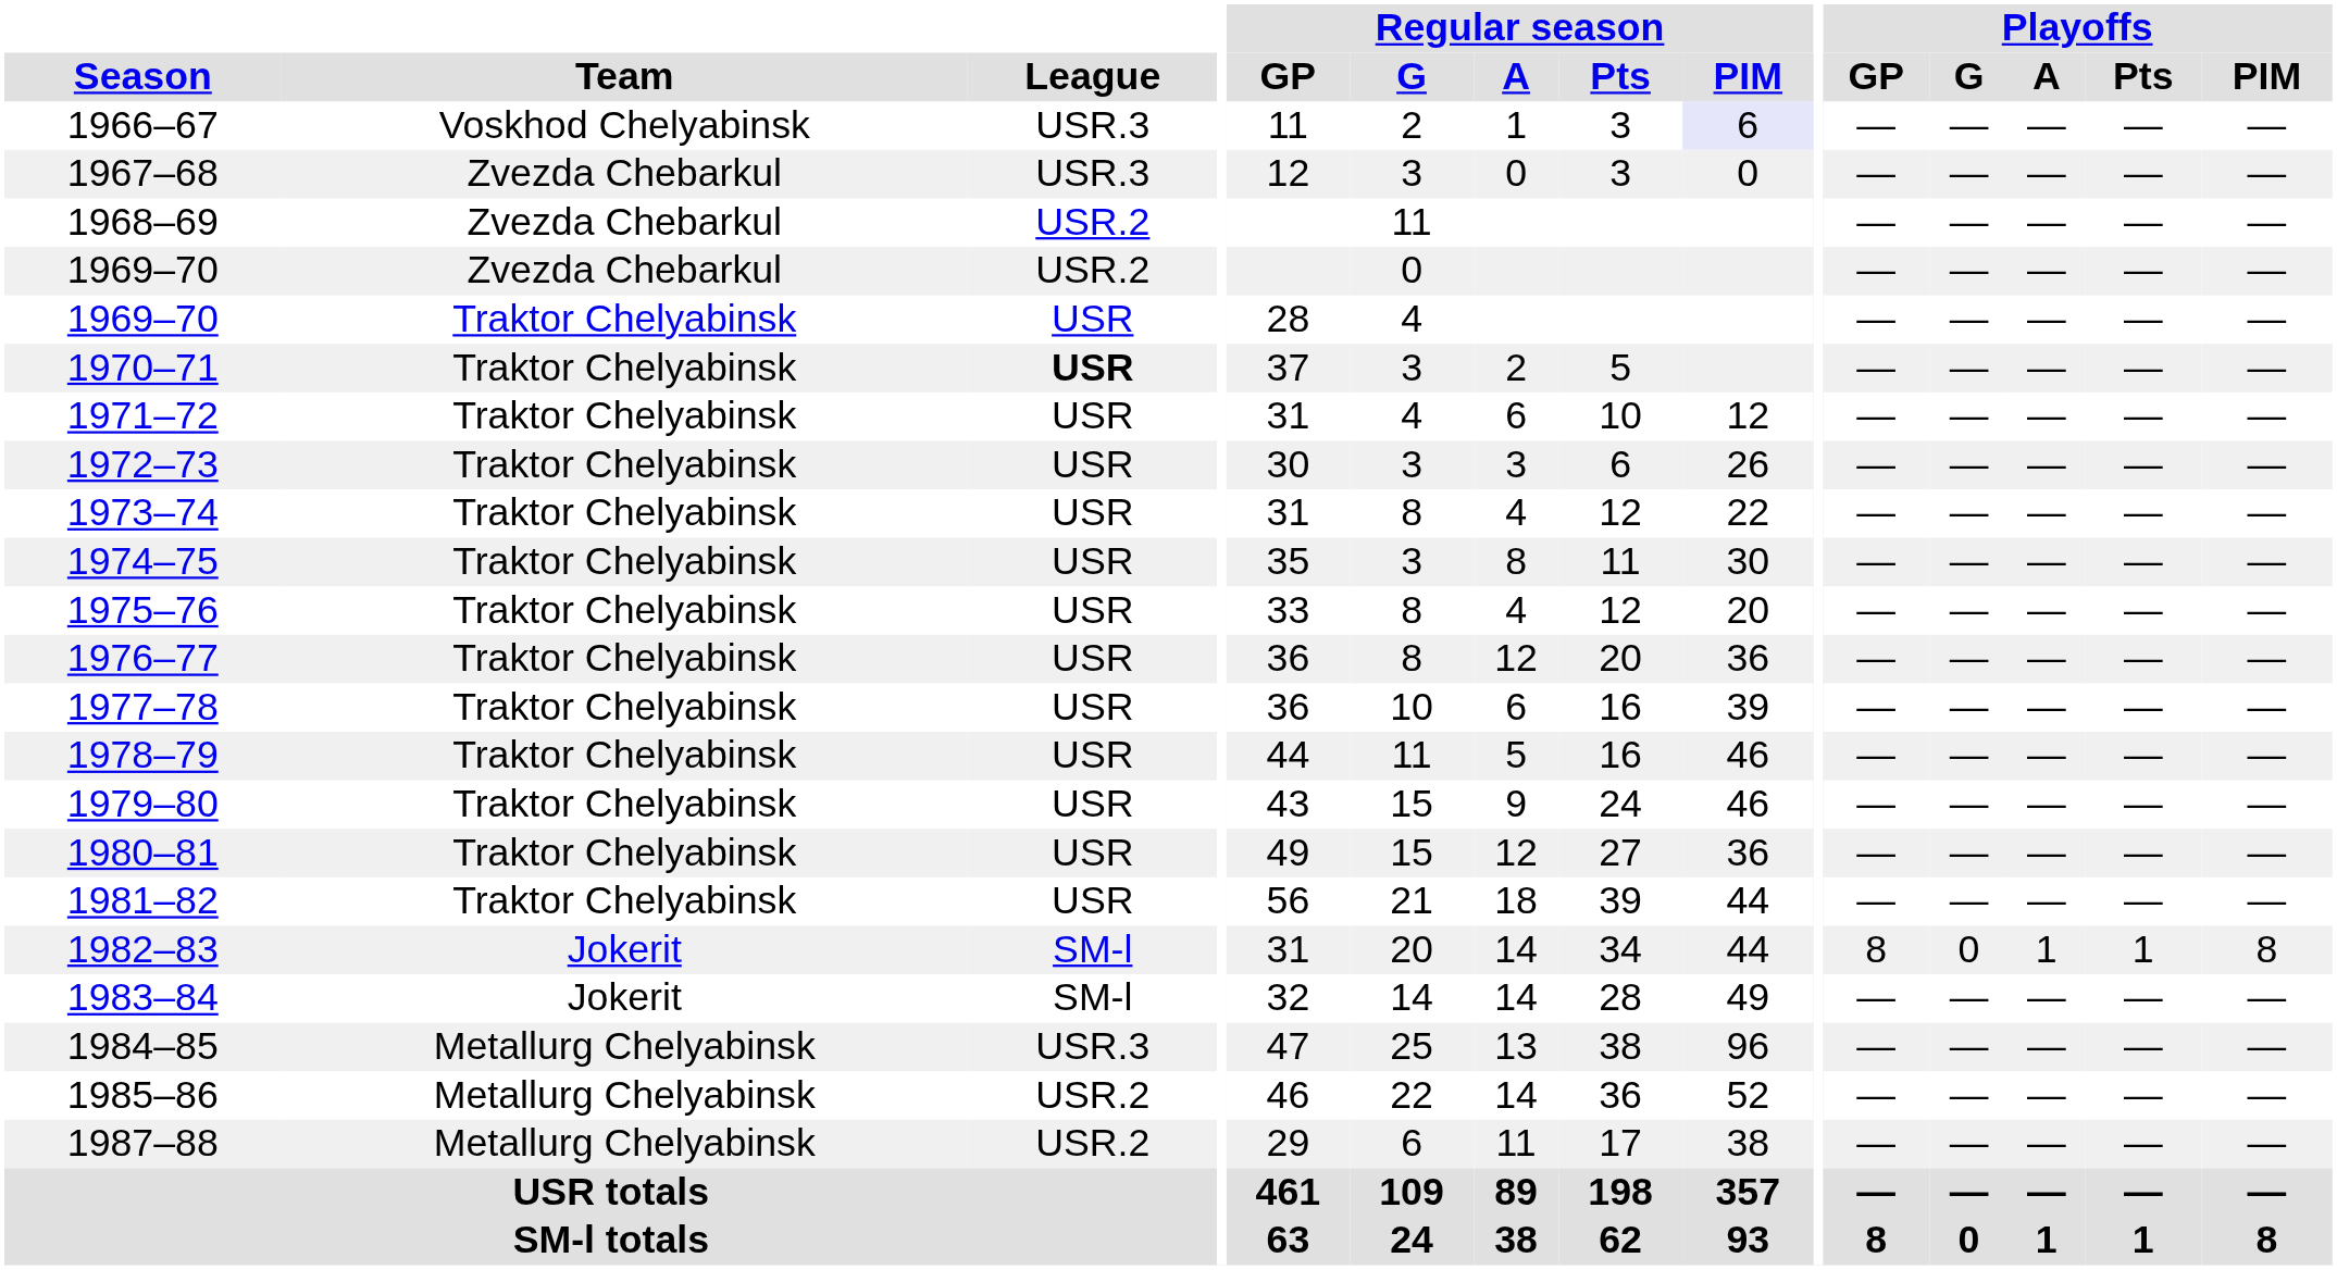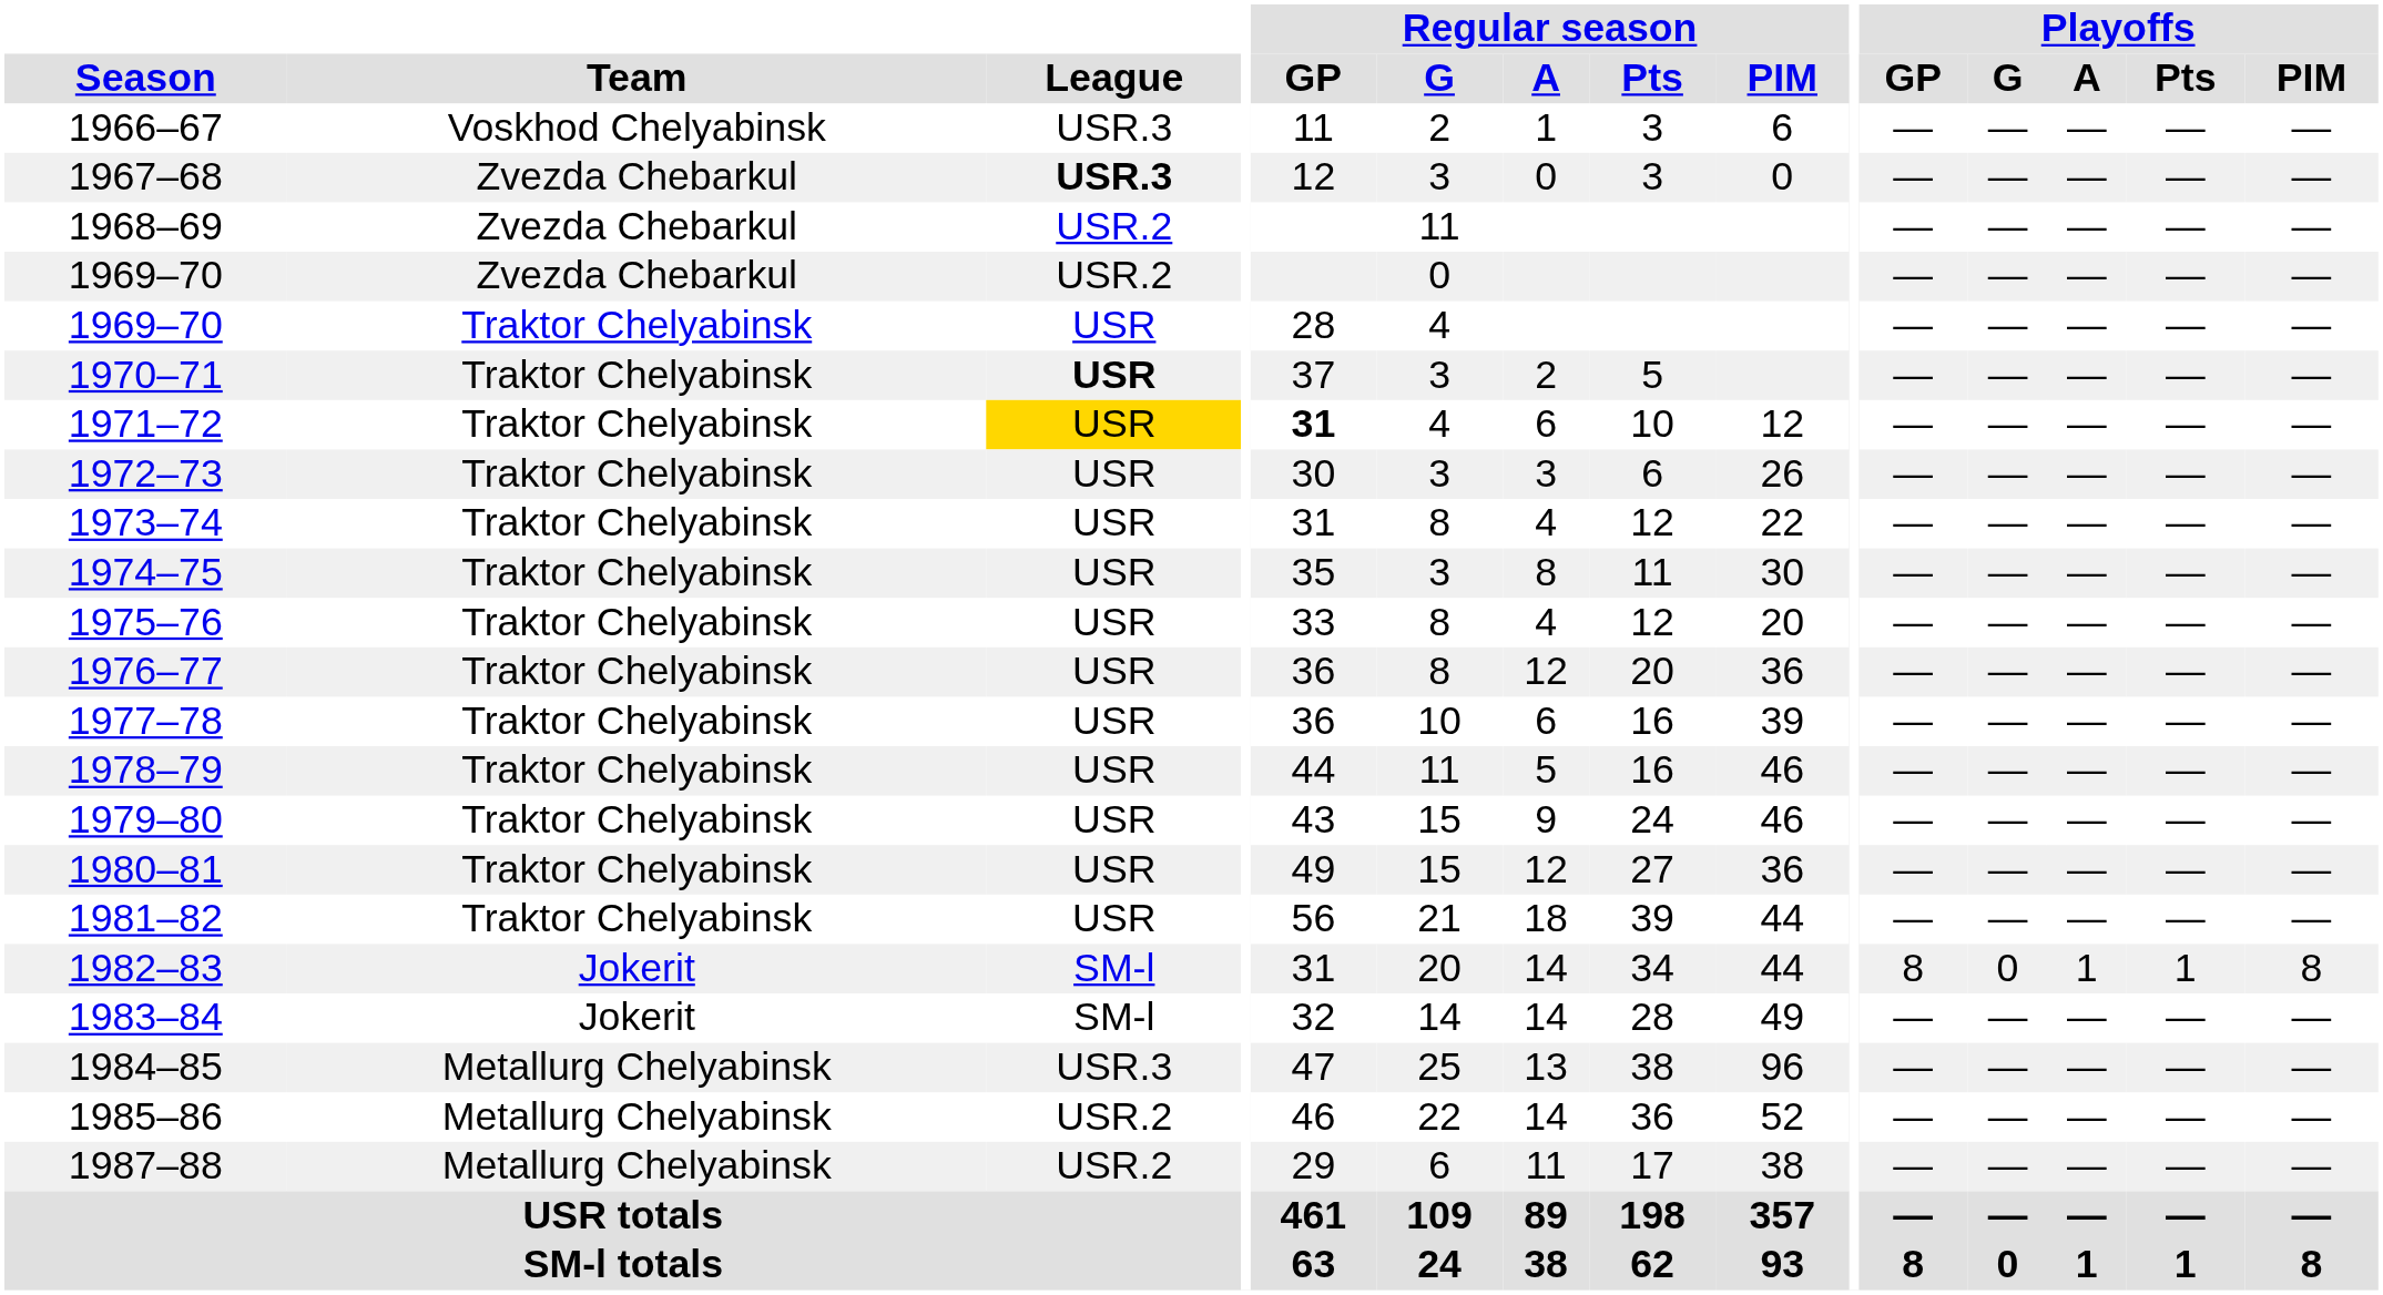 <table border="0" cellpadding="1" cellspacing="0" style="text-align:center; width:60em">
 <tr bgcolor="#e0e0e0">
 <th colspan="3" bgcolor="#ffffff"></th>
 <th rowspan="99" bgcolor="#ffffff"></th>
 <th colspan="5"><a href='#'>Regular season</a></th>
 <th rowspan="99" bgcolor="#ffffff"></th>
 <th colspan="5"><a href='#'>Playoffs</a></th>
 </tr>
 <tr bgcolor="#e0e0e0">
 <th><a href='#'>Season</a></th>
 <th>Team</th>
 <th>League</th>
 <th>GP</th>
 <th><a href='#'>G</a></th>
 <th><a href='#'>A</a></th>
 <th><a href='#'>Pts</a></th>
 <th><a href='#'>PIM</a></th>
 <th>GP</th>
 <th>G</th>
 <th>A</th>
 <th>Pts</th>
 <th>PIM</th>
 </tr>
 <tr>
 <td>1966–67</td>
 <td>Voskhod Chelyabinsk</td>
 <td>USR.3</td>
 <td>11</td>
 <td>2</td>
 <td>1</td>
 <td>3</td>
-<td style="background: lavender;">6</td>
+<td>6</td>
 <td>—</td>
 <td>—</td>
 <td>—</td>
 <td>—</td>
 <td>—</td>
 </tr>
 <tr bgcolor="#f0f0f0">
 <td>1967–68</td>
 <td>Zvezda Chebarkul</td>
-<td>USR.3</td>
+<td><strong>USR.3</strong></td>
 <td>12</td>
 <td>3</td>
 <td>0</td>
 <td>3</td>
 <td>0</td>
 <td>—</td>
 <td>—</td>
 <td>—</td>
 <td>—</td>
 <td>—</td>
 </tr>
 <tr>
 <td>1968–69</td>
 <td>Zvezda Chebarkul</td>
 <td><a href='#'>USR.2</a></td>
 <td></td>
 <td>11</td>
 <td></td>
 <td></td>
 <td></td>
 <td>—</td>
 <td>—</td>
 <td>—</td>
 <td>—</td>
 <td>—</td>
 </tr>
 <tr bgcolor="#f0f0f0">
 <td>1969–70</td>
 <td>Zvezda Chebarkul</td>
 <td>USR.2</td>
 <td></td>
 <td>0</td>
 <td></td>
 <td></td>
 <td></td>
 <td>—</td>
 <td>—</td>
 <td>—</td>
 <td>—</td>
 <td>—</td>
 </tr>
 <tr>
 <td><a href='#'>1969–70</a></td>
 <td><a href='#'>Traktor Chelyabinsk</a></td>
 <td><a href='#'>USR</a></td>
 <td>28</td>
 <td>4</td>
 <td></td>
 <td></td>
 <td></td>
 <td>—</td>
 <td>—</td>
 <td>—</td>
 <td>—</td>
 <td>—</td>
 </tr>
 <tr bgcolor="#f0f0f0">
 <td><a href='#'>1970–71</a></td>
 <td>Traktor Chelyabinsk</td>
 <td><strong>USR</strong></td>
 <td>37</td>
 <td>3</td>
 <td>2</td>
 <td>5</td>
 <td></td>
 <td>—</td>
 <td>—</td>
 <td>—</td>
 <td>—</td>
 <td>—</td>
 </tr>
 <tr>
 <td><a href='#'>1971–72</a></td>
 <td>Traktor Chelyabinsk</td>
-<td>USR</td>
-<td>31</td>
+<td style="background: gold;">USR</td>
+<td><strong>31</strong></td>
 <td>4</td>
 <td>6</td>
 <td>10</td>
 <td>12</td>
 <td>—</td>
 <td>—</td>
 <td>—</td>
 <td>—</td>
 <td>—</td>
 </tr>
 <tr bgcolor="#f0f0f0">
 <td><a href='#'>1972–73</a></td>
 <td>Traktor Chelyabinsk</td>
 <td>USR</td>
 <td>30</td>
 <td>3</td>
 <td>3</td>
 <td>6</td>
 <td>26</td>
 <td>—</td>
 <td>—</td>
 <td>—</td>
 <td>—</td>
 <td>—</td>
 </tr>
 <tr>
 <td><a href='#'>1973–74</a></td>
 <td>Traktor Chelyabinsk</td>
 <td>USR</td>
 <td>31</td>
 <td>8</td>
 <td>4</td>
 <td>12</td>
 <td>22</td>
 <td>—</td>
 <td>—</td>
 <td>—</td>
 <td>—</td>
 <td>—</td>
 </tr>
 <tr bgcolor="#f0f0f0">
 <td><a href='#'>1974–75</a></td>
 <td>Traktor Chelyabinsk</td>
 <td>USR</td>
 <td>35</td>
 <td>3</td>
 <td>8</td>
 <td>11</td>
 <td>30</td>
 <td>—</td>
 <td>—</td>
 <td>—</td>
 <td>—</td>
 <td>—</td>
 </tr>
 <tr>
 <td><a href='#'>1975–76</a></td>
 <td>Traktor Chelyabinsk</td>
 <td>USR</td>
 <td>33</td>
 <td>8</td>
 <td>4</td>
 <td>12</td>
 <td>20</td>
 <td>—</td>
 <td>—</td>
 <td>—</td>
 <td>—</td>
 <td>—</td>
 </tr>
 <tr bgcolor="#f0f0f0">
 <td><a href='#'>1976–77</a></td>
 <td>Traktor Chelyabinsk</td>
 <td>USR</td>
 <td>36</td>
 <td>8</td>
 <td>12</td>
 <td>20</td>
 <td>36</td>
 <td>—</td>
 <td>—</td>
 <td>—</td>
 <td>—</td>
 <td>—</td>
 </tr>
 <tr>
 <td><a href='#'>1977–78</a></td>
 <td>Traktor Chelyabinsk</td>
 <td>USR</td>
 <td>36</td>
 <td>10</td>
 <td>6</td>
 <td>16</td>
 <td>39</td>
 <td>—</td>
 <td>—</td>
 <td>—</td>
 <td>—</td>
 <td>—</td>
 </tr>
 <tr bgcolor="#f0f0f0">
 <td><a href='#'>1978–79</a></td>
 <td>Traktor Chelyabinsk</td>
 <td>USR</td>
 <td>44</td>
 <td>11</td>
 <td>5</td>
 <td>16</td>
 <td>46</td>
 <td>—</td>
 <td>—</td>
 <td>—</td>
 <td>—</td>
 <td>—</td>
 </tr>
 <tr>
 <td><a href='#'>1979–80</a></td>
 <td>Traktor Chelyabinsk</td>
 <td>USR</td>
 <td>43</td>
 <td>15</td>
 <td>9</td>
 <td>24</td>
 <td>46</td>
 <td>—</td>
 <td>—</td>
 <td>—</td>
 <td>—</td>
 <td>—</td>
 </tr>
 <tr bgcolor="#f0f0f0">
 <td><a href='#'>1980–81</a></td>
 <td>Traktor Chelyabinsk</td>
 <td>USR</td>
 <td>49</td>
 <td>15</td>
 <td>12</td>
 <td>27</td>
 <td>36</td>
 <td>—</td>
 <td>—</td>
 <td>—</td>
 <td>—</td>
 <td>—</td>
 </tr>
 <tr>
 <td><a href='#'>1981–82</a></td>
 <td>Traktor Chelyabinsk</td>
 <td>USR</td>
 <td>56</td>
 <td>21</td>
 <td>18</td>
 <td>39</td>
 <td>44</td>
 <td>—</td>
 <td>—</td>
 <td>—</td>
 <td>—</td>
 <td>—</td>
 </tr>
 <tr bgcolor="#f0f0f0">
 <td><a href='#'>1982–83</a></td>
 <td><a href='#'>Jokerit</a></td>
 <td><a href='#'>SM-l</a></td>
 <td>31</td>
 <td>20</td>
 <td>14</td>
 <td>34</td>
 <td>44</td>
 <td>8</td>
 <td>0</td>
 <td>1</td>
 <td>1</td>
 <td>8</td>
 </tr>
 <tr>
 <td><a href='#'>1983–84</a></td>
 <td>Jokerit</td>
 <td>SM-l</td>
 <td>32</td>
 <td>14</td>
 <td>14</td>
 <td>28</td>
 <td>49</td>
 <td>—</td>
 <td>—</td>
 <td>—</td>
 <td>—</td>
 <td>—</td>
 </tr>
 <tr bgcolor="#f0f0f0">
 <td>1984–85</td>
 <td>Metallurg Chelyabinsk</td>
 <td>USR.3</td>
 <td>47</td>
 <td>25</td>
 <td>13</td>
 <td>38</td>
 <td>96</td>
 <td>—</td>
 <td>—</td>
 <td>—</td>
 <td>—</td>
 <td>—</td>
 </tr>
 <tr>
 <td>1985–86</td>
 <td>Metallurg Chelyabinsk</td>
 <td>USR.2</td>
 <td>46</td>
 <td>22</td>
 <td>14</td>
 <td>36</td>
 <td>52</td>
 <td>—</td>
 <td>—</td>
 <td>—</td>
 <td>—</td>
 <td>—</td>
 </tr>
 <tr bgcolor="#f0f0f0">
 <td>1987–88</td>
 <td>Metallurg Chelyabinsk</td>
 <td>USR.2</td>
 <td>29</td>
 <td>6</td>
 <td>11</td>
 <td>17</td>
 <td>38</td>
 <td>—</td>
 <td>—</td>
 <td>—</td>
 <td>—</td>
 <td>—</td>
 </tr>
 <tr bgcolor="#e0e0e0">
 <th colspan="3">USR totals</th>
 <th>461</th>
 <th>109</th>
 <th>89</th>
 <th>198</th>
 <th>357</th>
 <th>—</th>
 <th>—</th>
 <th>—</th>
 <th>—</th>
 <th>—</th>
 </tr>
 <tr bgcolor="#e0e0e0">
 <th colspan="3">SM-l totals</th>
 <th>63</th>
 <th>24</th>
 <th>38</th>
 <th>62</th>
 <th>93</th>
 <th>8</th>
 <th>0</th>
 <th>1</th>
 <th>1</th>
 <th>8</th>
 </tr>
 </table>
